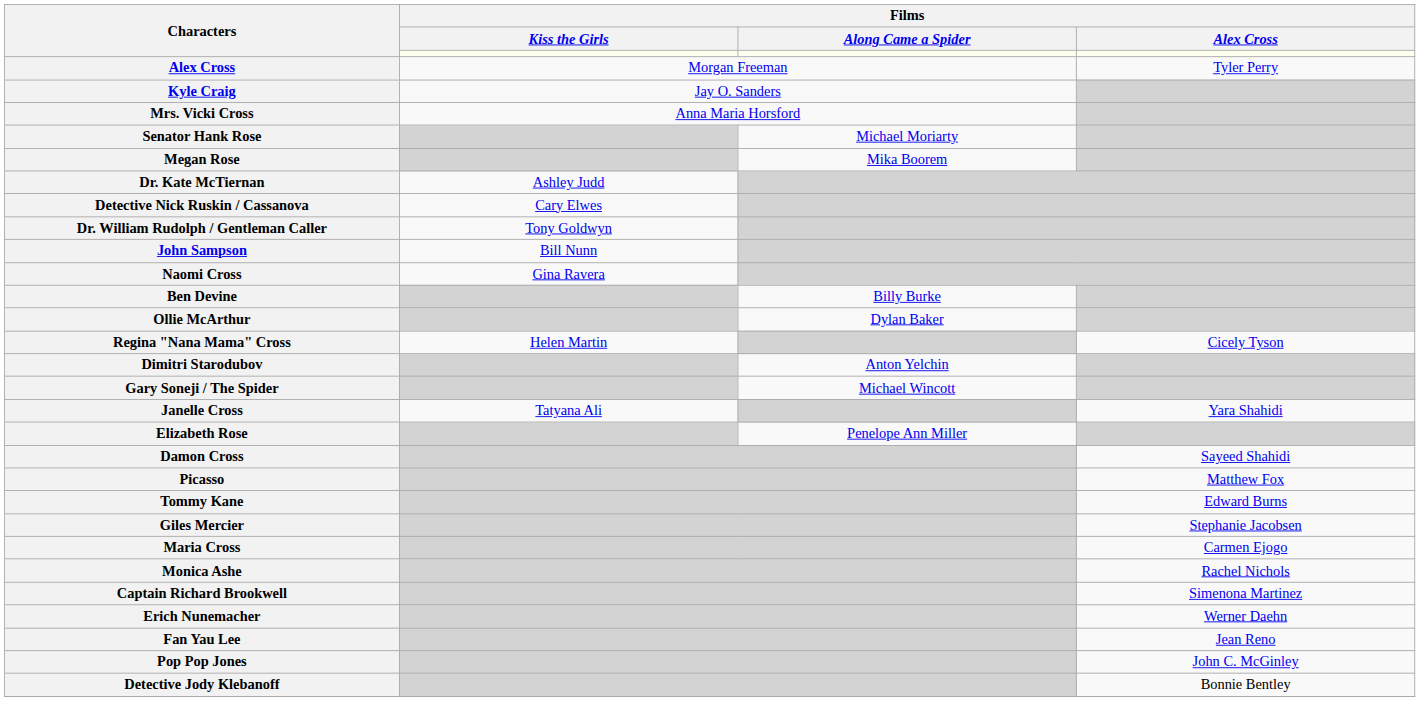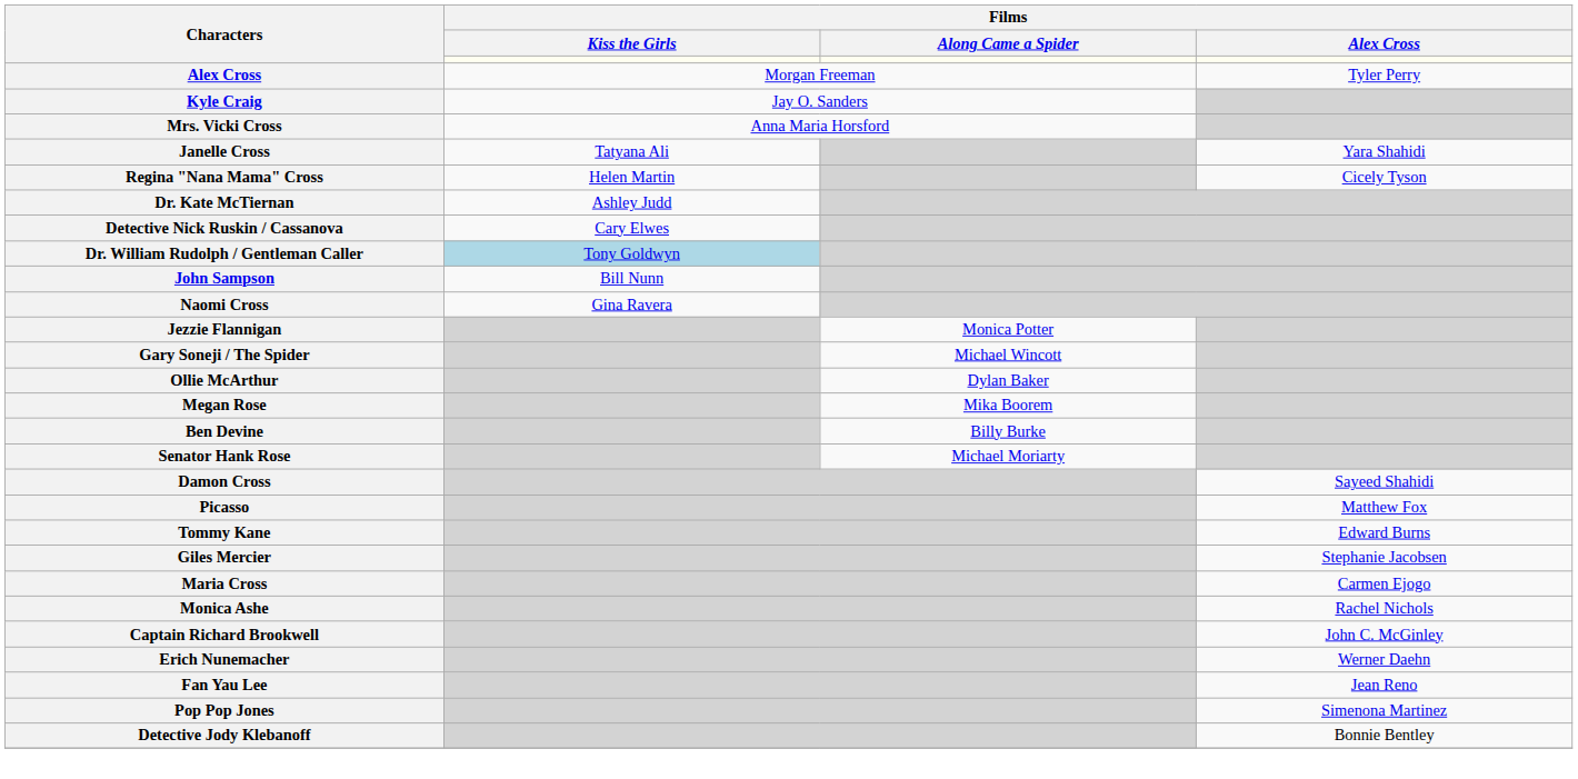 <table class="wikitable" style="text-align:center; width:99%;">
 <tr>
 <th rowspan="3" style="width:14%;">Characters</th>
 <th colspan="3">Films</th>
 </tr>
 <tr>
 <th style="width:12%;"><em><a href='#'>Kiss the Girls</a></em></th>
 <th style="width:12%;"><em><a href='#'>Along Came a Spider</a></em></th>
 <th style="width:12%;"><em><a href='#'>Alex Cross</a></em></th>
 </tr>
 <tr>
 <th style="background:ivory;"><span></span></th>
 <th style="background:ivory;"><span></span></th>
 <th style="background:ivory;"><span></span></th>
 </tr>
 <tr>
 <th><a href='#'>Alex Cross</a></th>
 <td colspan="2"><a href='#'>Morgan Freeman</a></td>
 <td><a href='#'>Tyler Perry</a></td>
 </tr>
 <tr>
 <th><a href='#'>Kyle Craig</a></th>
 <td colspan="2"><a href='#'>Jay O. Sanders</a></td>
 <td style="background:lightgrey;"> </td>
 </tr>
 <tr>
 <th>Mrs. Vicki Cross</th>
 <td colspan="2"><a href='#'>Anna Maria Horsford</a></td>
 <td style="background:lightgrey;"> </td>
 </tr>
 <tr>
-<th>Senator Hank Rose</th>
+<th>Janelle Cross</th>
+<td><a href='#'>Tatyana Ali</a></td>
 <td style="background:lightgrey;"> </td>
-<td><a href='#'>Michael Moriarty</a></td>
-<td style="background:lightgrey;"> </td>
+<td><a href='#'>Yara Shahidi</a></td>
 </tr>
 <tr>
-<th>Megan Rose</th>
+<th>Regina "Nana Mama" Cross</th>
+<td><a href='#'>Helen Martin</a></td>
 <td style="background:lightgrey;"> </td>
-<td><a href='#'>Mika Boorem</a></td>
-<td style="background:lightgrey;"> </td>
+<td><a href='#'>Cicely Tyson</a></td>
 </tr>
 <tr>
 <th>Dr. Kate McTiernan</th>
 <td><a href='#'>Ashley Judd</a></td>
 <td colspan="2" style="background:lightgrey;"> </td>
 </tr>
 <tr>
 <th>Detective Nick Ruskin / Cassanova</th>
 <td><a href='#'>Cary Elwes</a></td>
 <td colspan="2" style="background:lightgrey;"> </td>
 </tr>
 <tr>
 <th>Dr. William Rudolph / Gentleman Caller</th>
-<td><a href='#'>Tony Goldwyn</a></td>
+<td style="background: lightblue;"><a href='#'>Tony Goldwyn</a></td>
 <td colspan="2" style="background:lightgrey;"> </td>
 </tr>
 <tr>
 <th><a href='#'>John Sampson</a></th>
 <td><a href='#'>Bill Nunn</a></td>
 <td colspan="2" style="background:lightgrey;"> </td>
 </tr>
 <tr>
 <th>Naomi Cross</th>
 <td><a href='#'>Gina Ravera</a></td>
 <td colspan="2" style="background:lightgrey;"> </td>
 </tr>
 <tr>
-<th>Ben Devine</th>
+<th>Jezzie Flannigan</th>
 <td style="background:lightgrey;"> </td>
-<td><a href='#'>Billy Burke</a></td>
+<td><a href='#'>Monica Potter</a></td>
+<td style="background:lightgrey;"> </td>
+</tr>
+<tr>
+<th>Gary Soneji / The Spider</th>
+<td style="background:lightgrey;"> </td>
+<td><a href='#'>Michael Wincott</a></td>
 <td style="background:lightgrey;"> </td>
 </tr>
 <tr>
 <th>Ollie McArthur</th>
 <td style="background:lightgrey;"> </td>
 <td><a href='#'>Dylan Baker</a></td>
 <td style="background:lightgrey;"> </td>
 </tr>
 <tr>
-<th>Regina "Nana Mama" Cross</th>
-<td><a href='#'>Helen Martin</a></td>
+<th>Megan Rose</th>
 <td style="background:lightgrey;"> </td>
-<td><a href='#'>Cicely Tyson</a></td>
-</tr>
-<tr>
-<th>Dimitri Starodubov</th>
-<td style="background:lightgrey;"> </td>
-<td><a href='#'>Anton Yelchin</a></td>
+<td><a href='#'>Mika Boorem</a></td>
 <td style="background:lightgrey;"> </td>
 </tr>
 <tr>
-<th>Gary Soneji / The Spider</th>
+<th>Ben Devine</th>
 <td style="background:lightgrey;"> </td>
-<td><a href='#'>Michael Wincott</a></td>
+<td><a href='#'>Billy Burke</a></td>
 <td style="background:lightgrey;"> </td>
 </tr>
 <tr>
-<th>Janelle Cross</th>
-<td><a href='#'>Tatyana Ali</a></td>
+<th>Senator Hank Rose</th>
 <td style="background:lightgrey;"> </td>
-<td><a href='#'>Yara Shahidi</a></td>
-</tr>
-<tr>
-<th>Elizabeth Rose</th>
-<td style="background:lightgrey;"> </td>
-<td><a href='#'>Penelope Ann Miller</a></td>
+<td><a href='#'>Michael Moriarty</a></td>
 <td style="background:lightgrey;"> </td>
 </tr>
 <tr>
 <th>Damon Cross</th>
 <td colspan="2" style="background:lightgrey;"> </td>
 <td><a href='#'>Sayeed Shahidi</a></td>
 </tr>
 <tr>
 <th>Picasso</th>
 <td colspan="2" style="background:lightgrey;"> </td>
 <td><a href='#'>Matthew Fox</a></td>
 </tr>
 <tr>
 <th>Tommy Kane</th>
 <td colspan="2" style="background:lightgrey;"> </td>
 <td><a href='#'>Edward Burns</a></td>
 </tr>
 <tr>
 <th>Giles Mercier</th>
 <td colspan="2" style="background:lightgrey;"> </td>
 <td><a href='#'>Stephanie Jacobsen</a></td>
 </tr>
 <tr>
 <th>Maria Cross</th>
 <td colspan="2" style="background:lightgrey;"> </td>
 <td><a href='#'>Carmen Ejogo</a></td>
 </tr>
 <tr>
 <th>Monica Ashe</th>
 <td colspan="2" style="background:lightgrey;"> </td>
 <td><a href='#'>Rachel Nichols</a></td>
 </tr>
 <tr>
 <th>Captain Richard Brookwell</th>
 <td colspan="2" style="background:lightgrey;"> </td>
-<td><a href='#'>Simenona Martinez</a></td>
+<td><a href='#'>John C. McGinley</a></td>
 </tr>
 <tr>
 <th>Erich Nunemacher</th>
 <td colspan="2" style="background:lightgrey;"> </td>
 <td><a href='#'>Werner Daehn</a></td>
 </tr>
 <tr>
 <th>Fan Yau Lee</th>
 <td colspan="2" style="background:lightgrey;"> </td>
 <td><a href='#'>Jean Reno</a></td>
 </tr>
 <tr>
 <th>Pop Pop Jones</th>
 <td colspan="2" style="background:lightgrey;"> </td>
-<td><a href='#'>John C. McGinley</a></td>
+<td><a href='#'>Simenona Martinez</a></td>
 </tr>
 <tr>
 <th>Detective Jody Klebanoff</th>
 <td colspan="2" style="background:lightgrey;"> </td>
 <td>Bonnie Bentley</td>
 </tr>
 <tr>
 </tr>
 </table>
